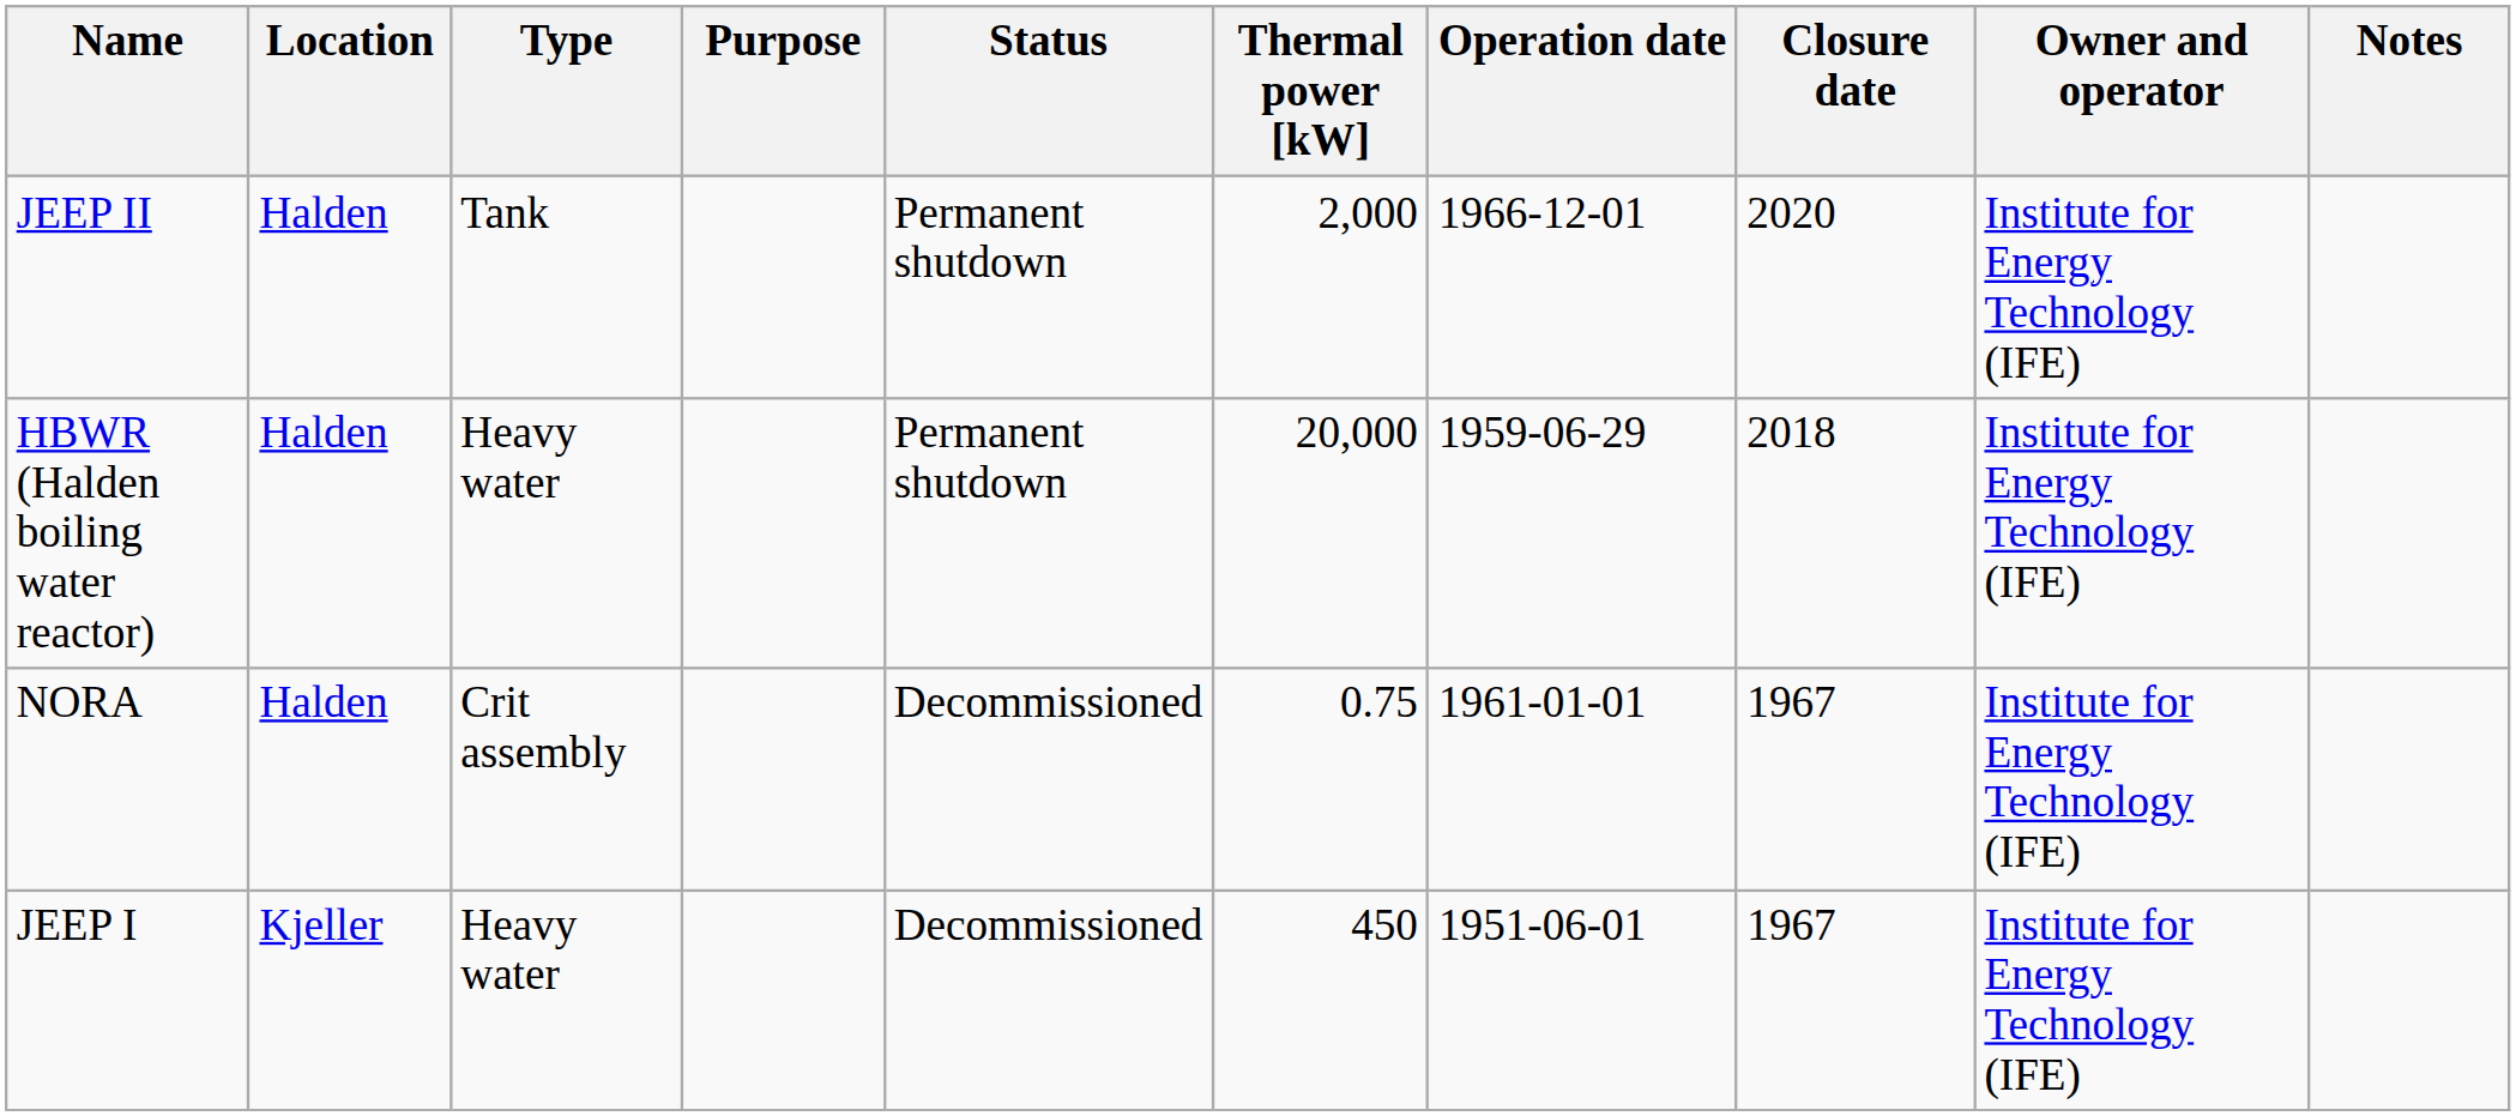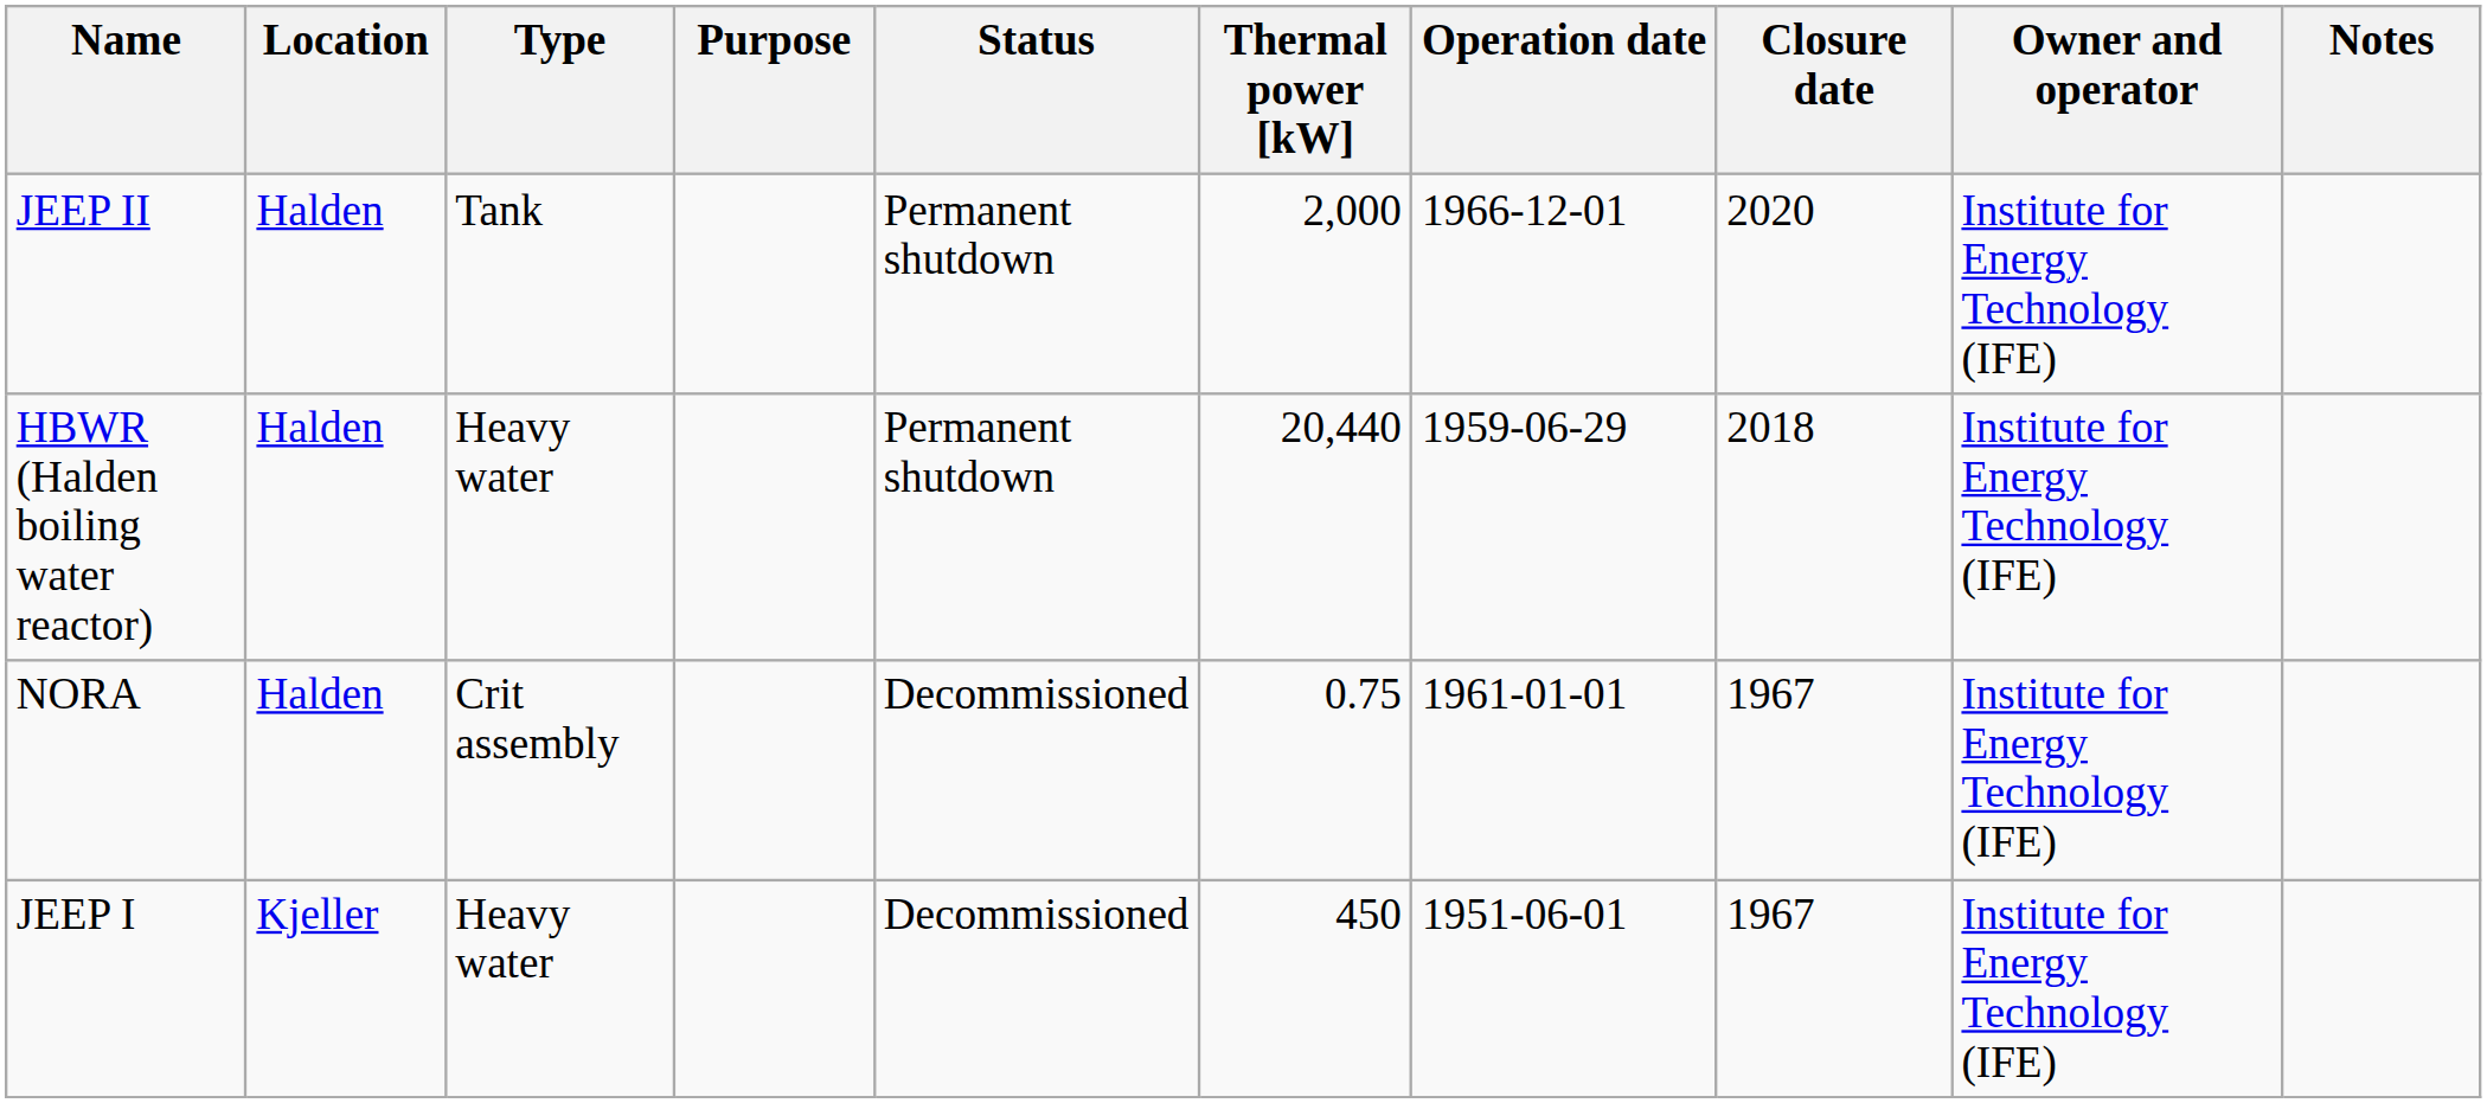 <table class="wikitable" >
 <tr valign="top">
 <th width="80">Name</th>
 <th width="65">Location</th>
 <th width="76">Type</th>
 <th width="65">Purpose</th>
 <th width="91">Status</th>
 <th width="70“">Thermal power [kW]</th>
 <th width=„67“>Operation date</th>
 <th width="78“">Closure date</th>
 <th width="113“">Owner and operator</th>
 <th width="65">Notes</th>
 </tr>
 <tr valign="top">
 <td><a href='#'>JEEP II</a></td>
 <td><a href='#'>Halden</a></td>
 <td>Tank</td>
 <td></td>
 <td>Permanent shutdown</td>
 <td align="right">2,000</td>
 <td>1966-12-01</td>
 <td>2020</td>
 <td><a href='#'>Institute for Energy Technology</a> (IFE)</td>
 <td></td>
 </tr>
 <tr valign="top">
 <td><a href='#'>HBWR</a> (Halden boiling water reactor)</td>
 <td><a href='#'>Halden</a></td>
 <td>Heavy water</td>
 <td></td>
 <td>Permanent shutdown</td>
-<td align="right">20,000</td>
+<td align="right">20,440</td>
 <td>1959-06-29</td>
 <td>2018</td>
 <td><a href='#'>Institute for Energy Technology</a> (IFE)</td>
 <td></td>
 </tr>
 <tr valign="top">
 <td>NORA</td>
 <td><a href='#'>Halden</a></td>
 <td>Crit assembly</td>
 <td></td>
 <td>Decommissioned</td>
 <td align="right">0.75</td>
 <td>1961-01-01</td>
 <td>1967</td>
 <td><a href='#'>Institute for Energy Technology</a> (IFE)</td>
 <td></td>
 </tr>
 <tr valign="top">
 <td>JEEP I</td>
 <td><a href='#'>Kjeller</a></td>
 <td>Heavy water</td>
 <td></td>
 <td>Decommissioned</td>
 <td align="right">450</td>
 <td>1951-06-01</td>
 <td>1967</td>
 <td><a href='#'>Institute for Energy Technology</a> (IFE)</td>
 <td></td>
 </tr>
 </table>
